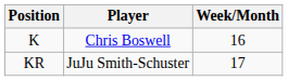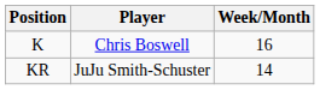 <table class="wikitable" style="text-align:center">
 <tr>
 <th>Position</th>
 <th>Player</th>
 <th>Week/Month</th>
 </tr>
 <tr>
 <td>K</td>
 <td><a href='#'>Chris Boswell</a></td>
 <td>16</td>
 </tr>
 <tr>
 <td>KR</td>
 <td>JuJu Smith-Schuster</td>
-<td>17</td>
+<td>14</td>
 </tr>
 </table>
